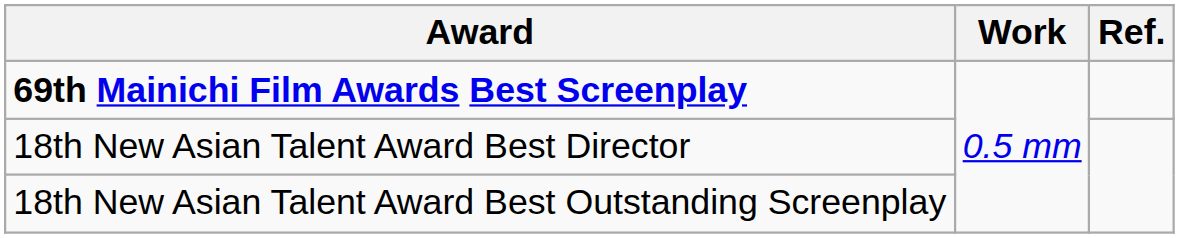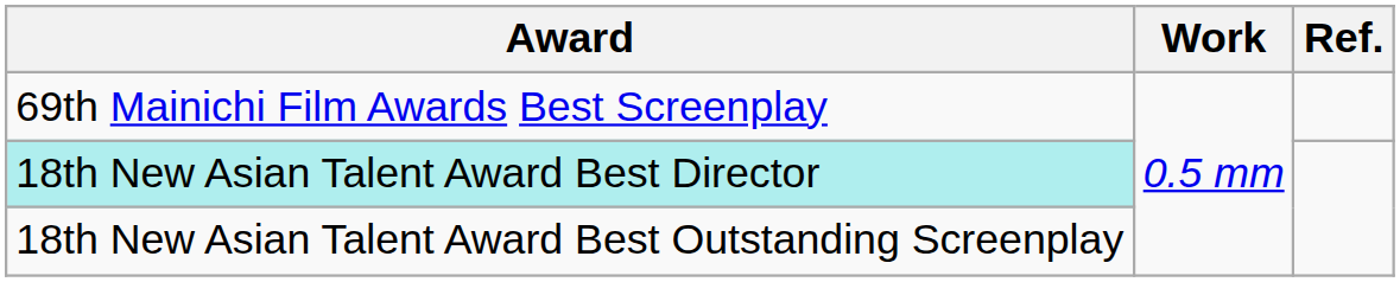 <table class="wikitable">
 <tr>
 <th>Award</th>
 <th>Work</th>
 <th>Ref.</th>
 </tr>
 <tr>
-<td><strong>69th <a href='#'>Mainichi Film Awards</a> <a href='#'>Best Screenplay</a></strong></td>
+<td>69th <a href='#'>Mainichi Film Awards</a> <a href='#'>Best Screenplay</a></td>
 <td rowspan="3"><em><a href='#'>0.5 mm</a></em></td>
 <td></td>
 </tr>
 <tr>
-<td>18th New Asian Talent Award Best Director</td>
+<td style="background: paleturquoise;">18th New Asian Talent Award Best Director</td>
 <td rowspan="2"></td>
 </tr>
 <tr>
 <td>18th New Asian Talent Award Best Outstanding Screenplay</td>
 </tr>
 </table>
